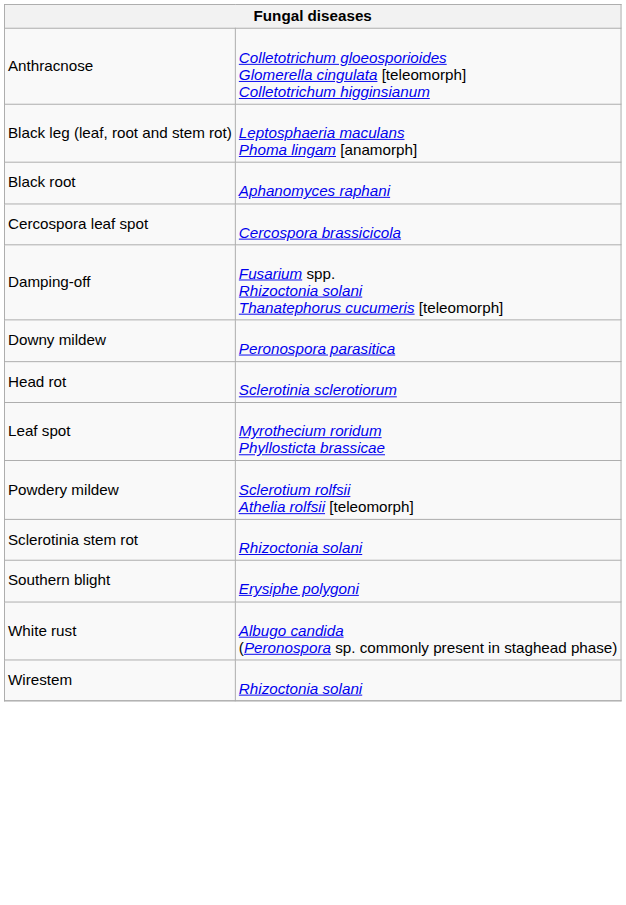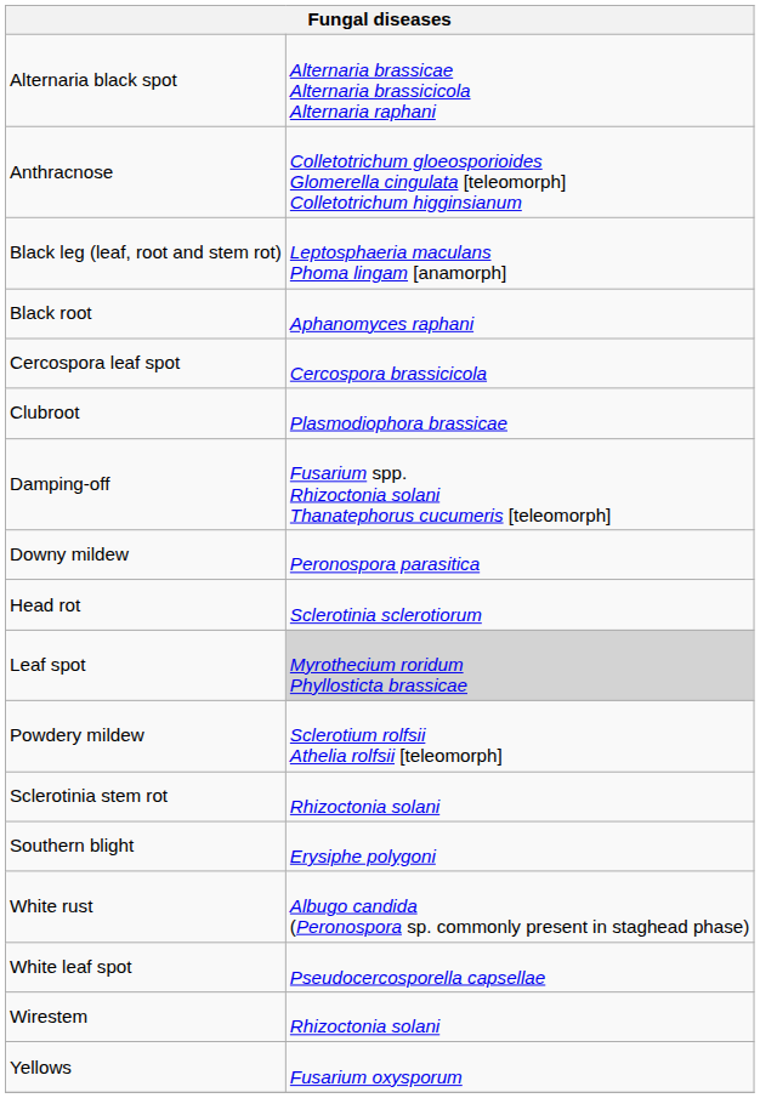 <table class="wikitable" style="clear">
 <tr>
 <th colspan=2><strong>Fungal diseases</strong><br></th>
+</tr>
+<tr>
+<td>Alternaria black spot</td>
+<td><br><em><a href='#'>Alternaria brassicae</a></em><br> <em><a href='#'>Alternaria brassicicola</a></em><br> <em><a href='#'>Alternaria raphani</a></em></td>
 </tr>
 <tr>
 <td>Anthracnose</td>
 <td><br><em><a href='#'>Colletotrichum gloeosporioides</a></em><br> <em><a href='#'>Glomerella cingulata</a></em> [teleomorph]<br> <em><a href='#'>Colletotrichum higginsianum</a></em></td>
 </tr>
 <tr>
 <td>Black leg (leaf, root and stem rot)</td>
 <td><br><em><a href='#'>Leptosphaeria maculans</a></em><br> <em><a href='#'>Phoma lingam</a></em> [anamorph]</td>
 </tr>
 <tr>
 <td>Black root</td>
 <td><br><em><a href='#'>Aphanomyces raphani</a></em></td>
 </tr>
 <tr>
 <td>Cercospora leaf spot</td>
 <td><br><em><a href='#'>Cercospora brassicicola</a></em></td>
 </tr>
 <tr>
+<td>Clubroot</td>
+<td><br><em><a href='#'>Plasmodiophora brassicae</a></em></td>
+</tr>
+<tr>
 <td>Damping-off</td>
 <td><br><em><a href='#'>Fusarium</a></em> spp. <br> <em><a href='#'>Rhizoctonia solani</a></em><br> <em><a href='#'>Thanatephorus cucumeris</a></em> [teleomorph]</td>
 </tr>
 <tr>
 <td>Downy mildew</td>
 <td><br><em><a href='#'>Peronospora parasitica</a></em></td>
 </tr>
 <tr>
 <td>Head rot</td>
 <td><br><em><a href='#'>Sclerotinia sclerotiorum</a></em></td>
 </tr>
 <tr>
 <td>Leaf spot</td>
-<td><br><em><a href='#'>Myrothecium roridum</a></em><br> <em><a href='#'>Phyllosticta brassicae</a></em> <br>  </td>
+<td style="background: lightgrey;"><br><em><a href='#'>Myrothecium roridum</a></em><br> <em><a href='#'>Phyllosticta brassicae</a></em> <br>  </td>
 </tr>
 <tr>
 <td>Powdery mildew</td>
 <td><br><em><a href='#'>Sclerotium rolfsii</a></em><br> <em><a href='#'>Athelia rolfsii</a></em> [teleomorph]</td>
 </tr>
 <tr>
 <td>Sclerotinia stem rot</td>
 <td><br><em><a href='#'>Rhizoctonia solani</a></em></td>
 </tr>
 <tr>
 <td>Southern blight</td>
 <td><br><em><a href='#'>Erysiphe polygoni</a></em></td>
 </tr>
 <tr>
 <td>White rust</td>
 <td><br><em><a href='#'>Albugo candida</a></em> <br> (<em><a href='#'>Peronospora</a></em> sp. commonly present in staghead phase)</td>
 </tr>
 <tr>
+<td>White leaf spot</td>
+<td><br><em><a href='#'>Pseudocercosporella capsellae</a></em></td>
+</tr>
+<tr>
 <td>Wirestem</td>
 <td><br><em><a href='#'>Rhizoctonia solani</a></em></td>
 </tr>
 <tr>
+<td>Yellows</td>
+<td><br><em><a href='#'>Fusarium oxysporum</a></em></td>
+</tr>
+<tr>
 </tr>
 </table>
